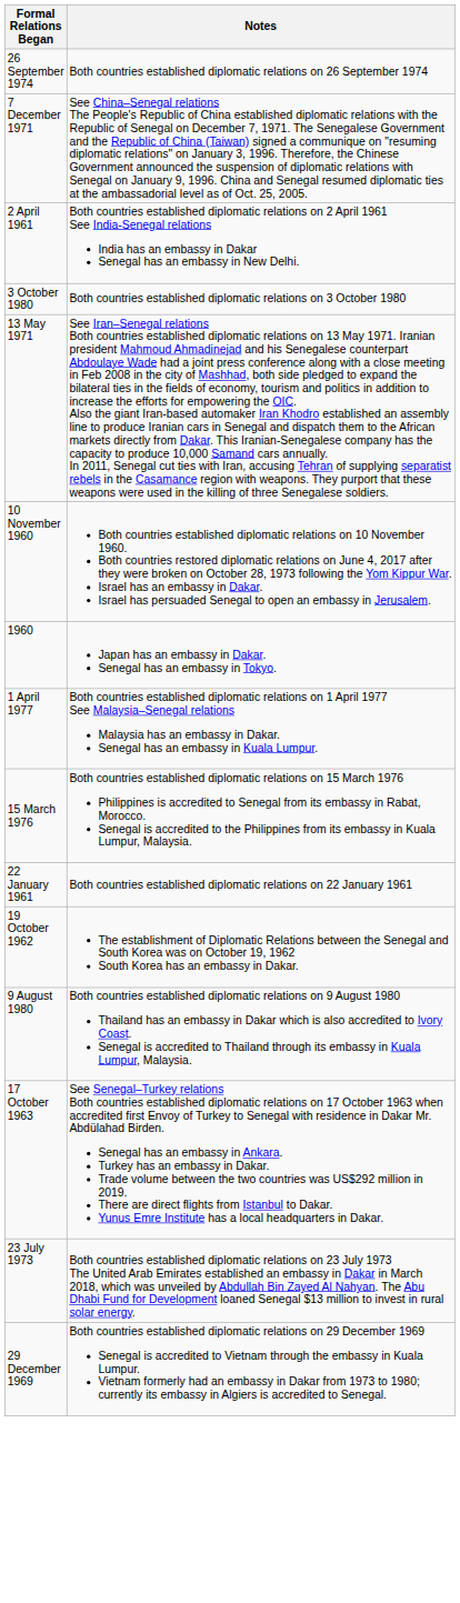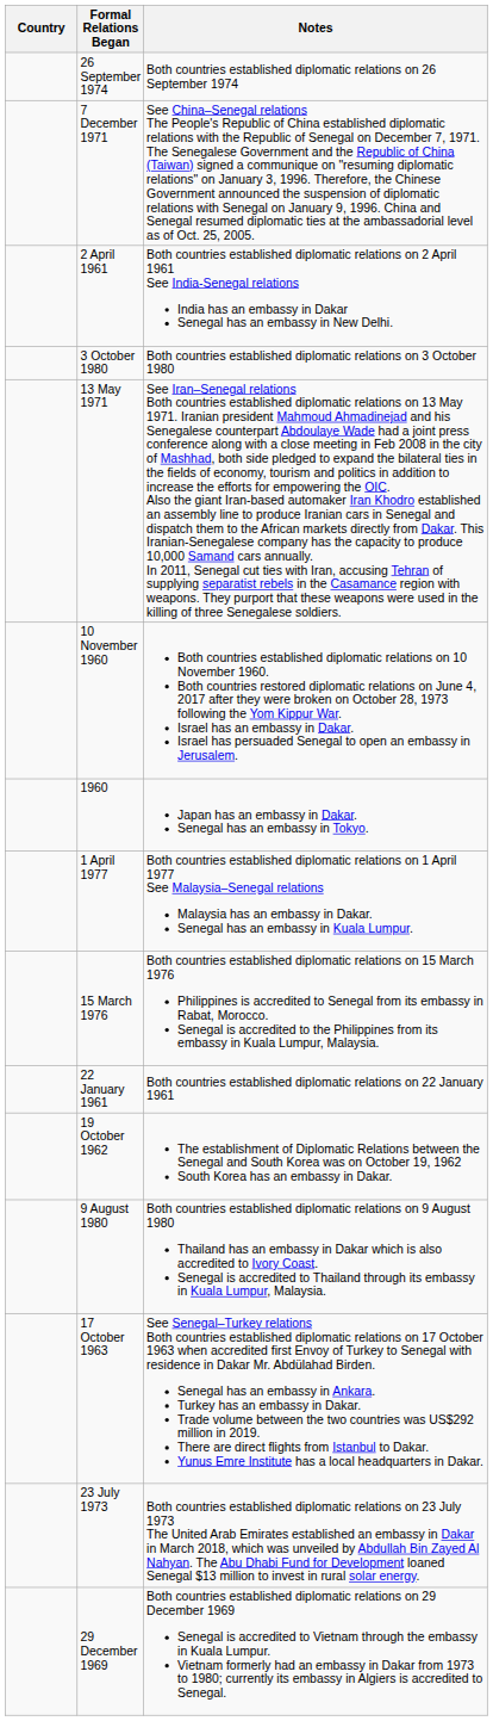 <table class="wikitable sortable" style="width:100%; margin:auto;">
 <tr>
+<th style="width:15%;">Country</th>
 <th style="width:12%;">Formal Relations Began</th>
 <th>Notes</th>
 </tr>
 <tr>
+<td></td>
 <td>26 September 1974</td>
 <td>Both countries established diplomatic relations on 26 September 1974</td>
 </tr>
 <tr valign="top">
+<td></td>
 <td>7 December 1971</td>
 <td>See <a href='#'>China–Senegal relations</a><br>The People's Republic of China established diplomatic relations with the Republic of Senegal on December 7, 1971. The Senegalese Government and the <a href='#'>Republic of China (Taiwan)</a> signed a communique on "resuming diplomatic relations" on January 3, 1996. Therefore, the Chinese Government announced the suspension of diplomatic relations with Senegal on January 9, 1996. China and Senegal resumed diplomatic ties at the ambassadorial level as of Oct. 25, 2005.</td>
 </tr>
 <tr valign="top">
+<td></td>
 <td>2 April 1961</td>
 <td>Both countries established diplomatic relations on 2 April 1961<br>See <a href='#'>India-Senegal relations</a><ul><li>India has an embassy in Dakar</li><li>Senegal has an embassy in New Delhi.</li></ul></td>
 </tr>
 <tr>
+<td></td>
 <td>3 October 1980</td>
 <td>Both countries established diplomatic relations on 3 October 1980</td>
 </tr>
 <tr valign="top">
+<td></td>
 <td>13 May 1971</td>
 <td>See <a href='#'>Iran–Senegal relations</a><br>Both countries established diplomatic relations on 13 May 1971. Iranian president <a href='#'>Mahmoud Ahmadinejad</a> and his Senegalese counterpart <a href='#'>Abdoulaye Wade</a> had a joint press conference along with a close meeting in Feb 2008 in the city of <a href='#'>Mashhad</a>, both side pledged to expand the bilateral ties in the fields of economy, tourism and politics in addition to increase the efforts for empowering the <a href='#'>OIC</a>.<br>Also the giant Iran-based automaker <a href='#'>Iran Khodro</a> established an assembly line to produce Iranian cars in Senegal and dispatch them to the African markets directly from <a href='#'>Dakar</a>.  This Iranian-Senegalese company has the capacity to produce 10,000 <a href='#'>Samand</a> cars annually.<br>In 2011, Senegal cut ties with Iran, accusing <a href='#'>Tehran</a> of supplying <a href='#'>separatist rebels</a> in the <a href='#'>Casamance</a> region with weapons. They purport that these weapons were used in the killing of three Senegalese soldiers.</td>
 </tr>
 <tr valign="top">
+<td></td>
 <td>10 November 1960</td>
 <td><br><ul><li>Both countries established diplomatic relations on 10 November 1960.</li><li>Both countries restored diplomatic relations on June 4, 2017 after they were broken on October 28, 1973 following the <a href='#'>Yom Kippur War</a>.</li><li>Israel has an embassy in <a href='#'>Dakar</a>.</li><li>Israel has persuaded Senegal to open an embassy in <a href='#'>Jerusalem</a>.</li></ul></td>
 </tr>
 <tr valign="top">
+<td></td>
 <td>1960</td>
 <td><br><ul><li>Japan has an embassy in <a href='#'>Dakar</a>.</li><li>Senegal has an embassy in <a href='#'>Tokyo</a>.</li></ul></td>
 </tr>
 <tr valign="top">
+<td></td>
 <td>1 April 1977</td>
 <td>Both countries established diplomatic relations on 1 April 1977<br>See <a href='#'>Malaysia–Senegal relations</a><ul><li>Malaysia has an embassy in Dakar.</li><li>Senegal has an embassy in <a href='#'>Kuala Lumpur</a>.</li></ul></td>
 </tr>
 <tr>
+<td></td>
 <td>15 March 1976</td>
 <td>Both countries established diplomatic relations on 15 March 1976<br><ul><li>Philippines is accredited to Senegal from its embassy in Rabat, Morocco.</li><li>Senegal is accredited to the Philippines from its embassy in Kuala Lumpur, Malaysia.</li></ul></td>
 </tr>
 <tr>
+<td></td>
 <td>22 January 1961</td>
 <td>Both countries established diplomatic relations on 22 January 1961</td>
 </tr>
 <tr valign="top">
+<td></td>
 <td>19 October 1962</td>
 <td><br><ul><li>The establishment of Diplomatic Relations between the Senegal and South Korea was on October 19, 1962</li><li>South Korea has an embassy in Dakar.</li></ul></td>
 </tr>
 <tr valign="top">
+<td></td>
 <td>9 August 1980</td>
 <td>Both countries established diplomatic relations on 9 August 1980<br><ul><li>Thailand has an embassy in Dakar which is also accredited to <a href='#'>Ivory Coast</a>.</li><li>Senegal is accredited to Thailand through its embassy in <a href='#'>Kuala Lumpur</a>, Malaysia.</li></ul></td>
 </tr>
 <tr valign="top">
+<td></td>
 <td>17 October 1963</td>
 <td>See <a href='#'>Senegal–Turkey relations</a><br>Both countries established diplomatic relations on 17 October 1963 when accredited first Envoy of Turkey to Senegal with residence in Dakar Mr.  Abdülahad Birden.<ul><li>Senegal has an embassy in <a href='#'>Ankara</a>.</li><li>Turkey has an embassy in Dakar.</li><li>Trade volume between the two countries was US$292 million in 2019.</li><li>There are direct flights from <a href='#'>Istanbul</a> to Dakar.</li><li><a href='#'>Yunus Emre Institute</a> has a local headquarters in Dakar.</li></ul></td>
 </tr>
 <tr valign="top">
+<td></td>
 <td>23 July 1973</td>
 <td><br>Both countries established diplomatic relations on 23 July 1973<br>The United Arab Emirates established an embassy in <a href='#'>Dakar</a> in March 2018, which was unveiled by <a href='#'>Abdullah Bin Zayed Al Nahyan</a>. The <a href='#'>Abu Dhabi Fund for Development</a> loaned Senegal $13 million to invest in rural <a href='#'>solar energy</a>.</td>
 </tr>
 <tr>
+<td></td>
 <td>29 December 1969</td>
 <td>Both countries established diplomatic relations on 29 December 1969<br><ul><li>Senegal is accredited to Vietnam through the embassy in Kuala Lumpur.</li><li>Vietnam formerly had an embassy in Dakar from 1973 to 1980; currently its embassy in Algiers is accredited to Senegal.</li></ul></td>
 </tr>
 </table>
